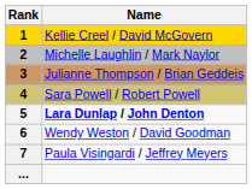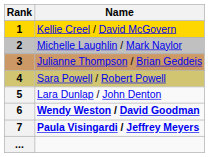 <table class="wikitable">
 <tr>
 <th>Rank</th>
 <th>Name</th>
 </tr>
 <tr bgcolor="gold">
 <td align="center"><strong>1</strong></td>
 <td><a href='#'>Kellie Creel</a> / <a href='#'>David McGovern</a></td>
 </tr>
 <tr bgcolor="silver">
 <td align="center"><strong>2</strong></td>
 <td><a href='#'>Michelle Laughlin</a> / <a href='#'>Mark Naylor</a></td>
 </tr>
 <tr bgcolor="cc9966">
 <td align="center"><strong>3</strong></td>
 <td><a href='#'>Julianne Thompson</a> / <a href='#'>Brian Geddeis</a></td>
 </tr>
 <tr bgcolor="#d1c571">
 <td align="center"><strong>4</strong></td>
 <td><a href='#'>Sara Powell</a> / <a href='#'>Robert Powell</a></td>
 </tr>
 <tr>
 <th>5</th>
-<td><strong><a href='#'>Lara Dunlap</a> / <a href='#'>John Denton</a></strong></td>
+<td><a href='#'>Lara Dunlap</a> / <a href='#'>John Denton</a></td>
 </tr>
 <tr>
 <th>6</th>
-<td><a href='#'>Wendy Weston</a> / <a href='#'>David Goodman</a></td>
+<td><strong><a href='#'>Wendy Weston</a> / <a href='#'>David Goodman</a></strong></td>
 </tr>
 <tr>
 <th>7</th>
-<td><a href='#'>Paula Visingardi</a> / <a href='#'>Jeffrey Meyers</a></td>
+<td><strong><a href='#'>Paula Visingardi</a> / <a href='#'>Jeffrey Meyers</a></strong></td>
 </tr>
 <tr>
 <th>...</th>
 <td></td>
 </tr>
 </table>
